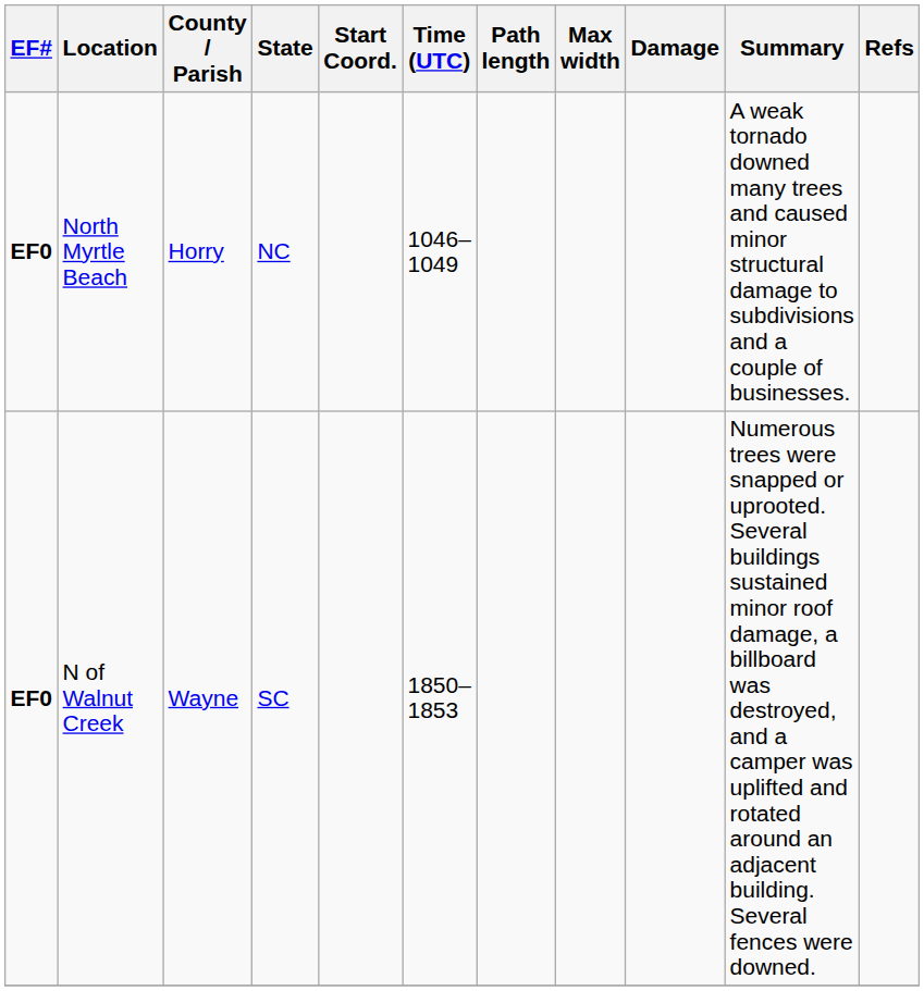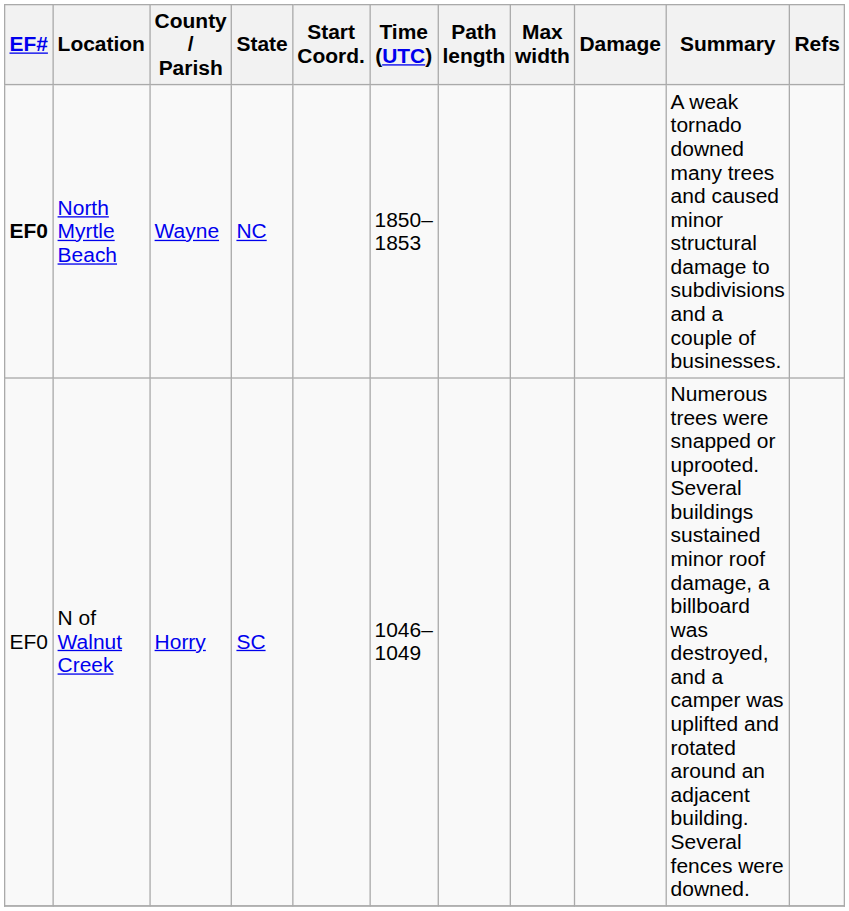 <table class="wikitable sortable" style="width:100%;">
 <tr>
 <th scope="col"  style="width:3%; text-align:center;"><a href='#'>EF#</a></th>
 <th scope="col"  style="width:7%; text-align:center;" class="unsortable">Location</th>
 <th scope="col"  style="width:6%; text-align:center;" class="unsortable">County / Parish</th>
 <th scope="col"  style="width:5%; text-align:center;">State</th>
 <th scope="col"  style="width:6%; text-align:center;">Start Coord.</th>
 <th scope="col"  style="width:6%; text-align:center;">Time (<a href='#'>UTC</a>)</th>
 <th scope="col"  style="width:6%; text-align:center;">Path length</th>
 <th scope="col"  style="width:6%; text-align:center;">Max width</th>
 <th scope="col"  style="width:6%; text-align:center;">Damage</th>
 <th scope="col" class="unsortable" style="width:48%; text-align:center;">Summary</th>
 <th scope="col" class="unsortable" style="width:48%; text-align:center;">Refs</th>
 </tr>
 <tr>
 <td><strong>EF0</strong></td>
 <td><a href='#'>North Myrtle Beach</a></td>
-<td><a href='#'>Horry</a></td>
+<td><a href='#'>Wayne</a></td>
 <td><a href='#'>NC</a></td>
 <td></td>
-<td>1046–1049</td>
+<td>1850–1853</td>
 <td></td>
 <td></td>
 <td></td>
 <td>A weak tornado downed many trees and caused minor structural damage to subdivisions and a couple of businesses.</td>
 <td></td>
 </tr>
 <tr>
-<td><strong>EF0</strong></td>
+<td>EF0</td>
 <td>N of <a href='#'>Walnut Creek</a></td>
-<td><a href='#'>Wayne</a></td>
+<td><a href='#'>Horry</a></td>
 <td><a href='#'>SC</a></td>
 <td></td>
-<td>1850–1853</td>
+<td>1046–1049</td>
 <td></td>
 <td></td>
 <td></td>
 <td>Numerous trees were snapped or uprooted. Several buildings sustained minor roof damage, a billboard was destroyed, and a camper was uplifted and rotated around an adjacent building. Several fences were downed.</td>
 <td></td>
 </tr>
 <tr>
 </tr>
 </table>
